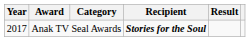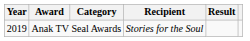 <table class="wikitable">
 <tr>
 <th>Year</th>
 <th>Award</th>
 <th>Category</th>
 <th>Recipient</th>
 <th>Result</th>
 <th></th>
 </tr>
 <tr>
-<td>2017</td>
+<td>2019</td>
 <td colspan=2>Anak TV Seal Awards</td>
-<td><strong><em>Stories for the Soul</em></strong></td>
+<td><em>Stories for the Soul</em></td>
 <td></td>
 <td></td>
 </tr>
 </table>
